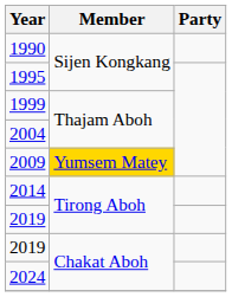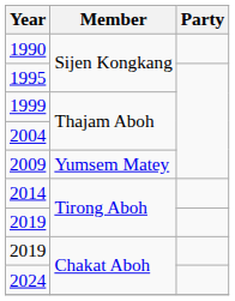 <table class="wikitable sortable">
 <tr>
 <th>Year</th>
 <th>Member</th>
 <th colspan="2">Party</th>
 </tr>
 <tr>
 <td><a href='#'>1990</a></td>
 <td rowspan=2>Sijen Kongkang</td>
 <td></td>
 </tr>
 <tr>
 <td><a href='#'>1995</a></td>
 </tr>
 <tr>
 <td><a href='#'>1999</a></td>
 <td rowspan=2>Thajam Aboh</td>
 </tr>
 <tr>
 <td><a href='#'>2004</a></td>
 </tr>
 <tr>
 <td><a href='#'>2009</a></td>
-<td style="background: gold;"><a href='#'>Yumsem Matey</a></td>
+<td><a href='#'>Yumsem Matey</a></td>
 </tr>
 <tr>
 <td><a href='#'>2014</a></td>
 <td rowspan=2><a href='#'>Tirong Aboh</a></td>
 <td></td>
 </tr>
 <tr>
 <td><a href='#'>2019</a></td>
 <td></td>
 </tr>
 <tr>
 <td>2019</td>
 <td rowspan=2><a href='#'>Chakat Aboh</a></td>
 <td></td>
 </tr>
 <tr>
 <td><a href='#'>2024</a></td>
 <td></td>
 </tr>
 <tr>
 </tr>
 </table>
